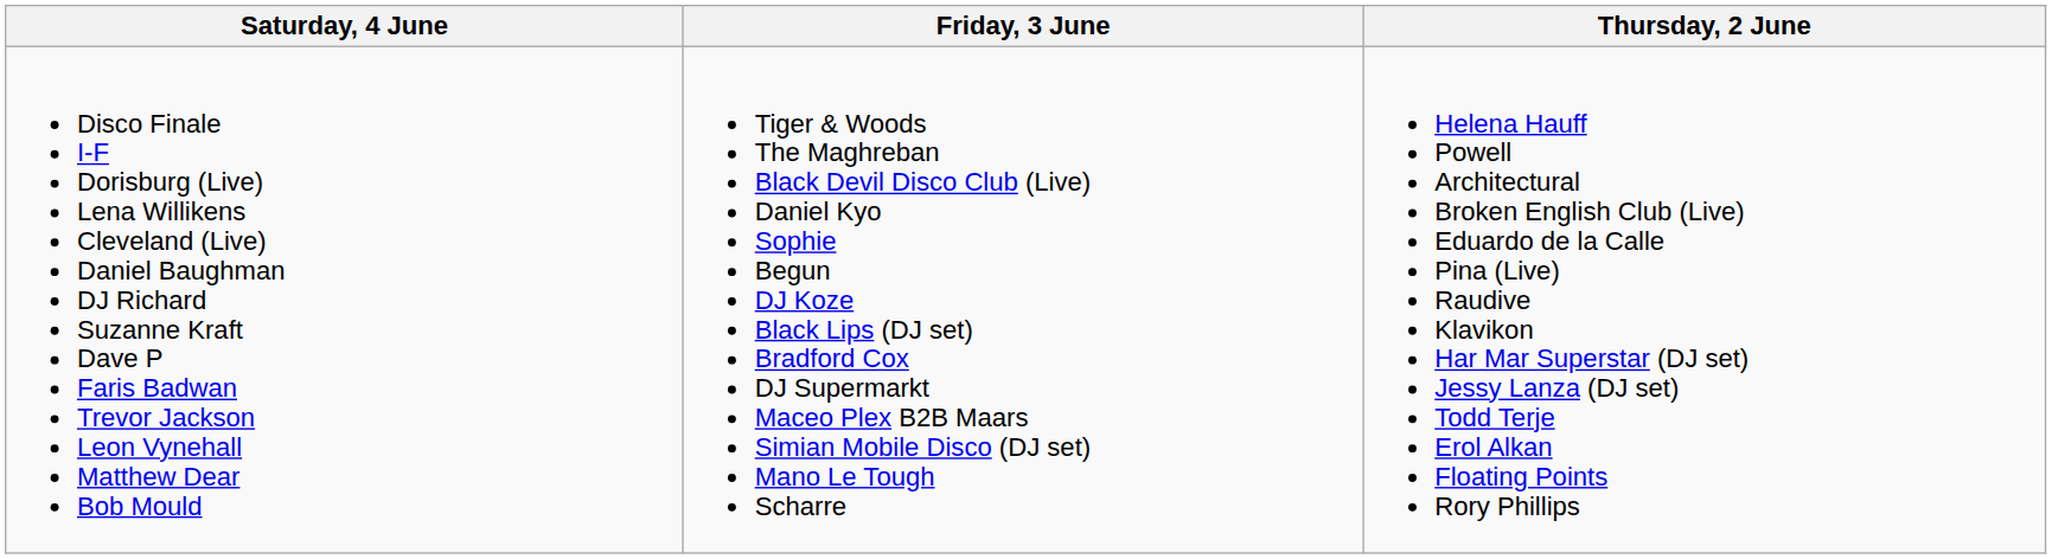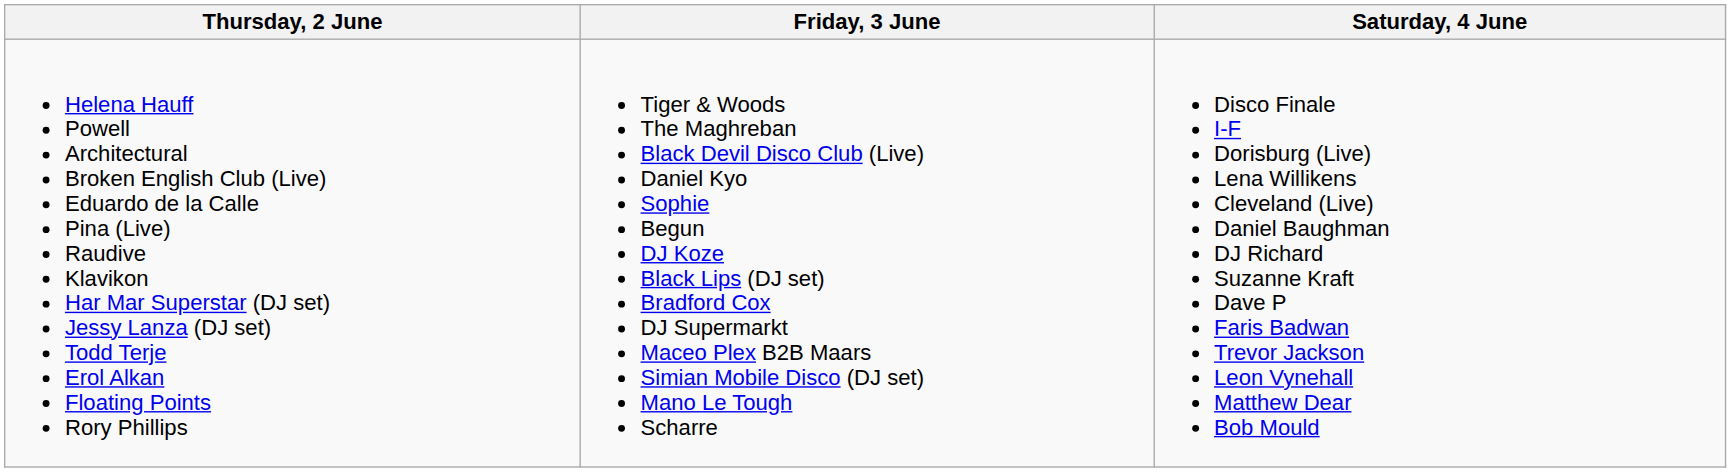 <table class="wikitable">
 <tr>
+<th width="500">Thursday, 2 June</th>
+<th width="500">Friday, 3 June</th>
 <th width="500">Saturday, 4 June</th>
-<th width="500">Friday, 3 June</th>
-<th width="500">Thursday, 2 June</th>
 </tr>
 <tr valign="top">
+<td><br><ul><li><a href='#'>Helena Hauff</a></li><li>Powell</li><li>Architectural</li><li>Broken English Club (Live)</li><li>Eduardo de la Calle</li><li>Pina (Live)</li><li>Raudive</li><li>Klavikon</li><li><a href='#'>Har Mar Superstar</a> (DJ set)</li><li><a href='#'>Jessy Lanza</a> (DJ set)</li><li><a href='#'>Todd Terje</a></li><li><a href='#'>Erol Alkan</a></li><li><a href='#'>Floating Points</a></li><li>Rory Phillips</li></ul></td>
+<td><br><ul><li>Tiger & Woods</li><li>The Maghreban</li><li><a href='#'>Black Devil Disco Club</a> (Live)</li><li>Daniel Kyo</li><li><a href='#'>Sophie</a></li><li>Begun</li><li><a href='#'>DJ Koze</a></li><li><a href='#'>Black Lips</a> (DJ set)</li><li><a href='#'>Bradford Cox</a></li><li>DJ Supermarkt</li><li><a href='#'>Maceo Plex</a> B2B Maars</li><li><a href='#'>Simian Mobile Disco</a> (DJ set)</li><li><a href='#'>Mano Le Tough</a></li><li>Scharre</li></ul></td>
 <td><br><ul><li>Disco Finale</li><li><a href='#'>I-F</a></li><li>Dorisburg (Live)</li><li>Lena Willikens</li><li>Cleveland (Live)</li><li>Daniel Baughman</li><li>DJ Richard</li><li>Suzanne Kraft</li><li>Dave P</li><li><a href='#'>Faris Badwan</a></li><li><a href='#'>Trevor Jackson</a></li><li><a href='#'>Leon Vynehall</a></li><li><a href='#'>Matthew Dear</a></li><li><a href='#'>Bob Mould</a></li></ul></td>
-<td><br><ul><li>Tiger & Woods</li><li>The Maghreban</li><li><a href='#'>Black Devil Disco Club</a> (Live)</li><li>Daniel Kyo</li><li><a href='#'>Sophie</a></li><li>Begun</li><li><a href='#'>DJ Koze</a></li><li><a href='#'>Black Lips</a> (DJ set)</li><li><a href='#'>Bradford Cox</a></li><li>DJ Supermarkt</li><li><a href='#'>Maceo Plex</a> B2B Maars</li><li><a href='#'>Simian Mobile Disco</a> (DJ set)</li><li><a href='#'>Mano Le Tough</a></li><li>Scharre</li></ul></td>
-<td><br><ul><li><a href='#'>Helena Hauff</a></li><li>Powell</li><li>Architectural</li><li>Broken English Club (Live)</li><li>Eduardo de la Calle</li><li>Pina (Live)</li><li>Raudive</li><li>Klavikon</li><li><a href='#'>Har Mar Superstar</a> (DJ set)</li><li><a href='#'>Jessy Lanza</a> (DJ set)</li><li><a href='#'>Todd Terje</a></li><li><a href='#'>Erol Alkan</a></li><li><a href='#'>Floating Points</a></li><li>Rory Phillips</li></ul></td>
 </tr>
 </table>
